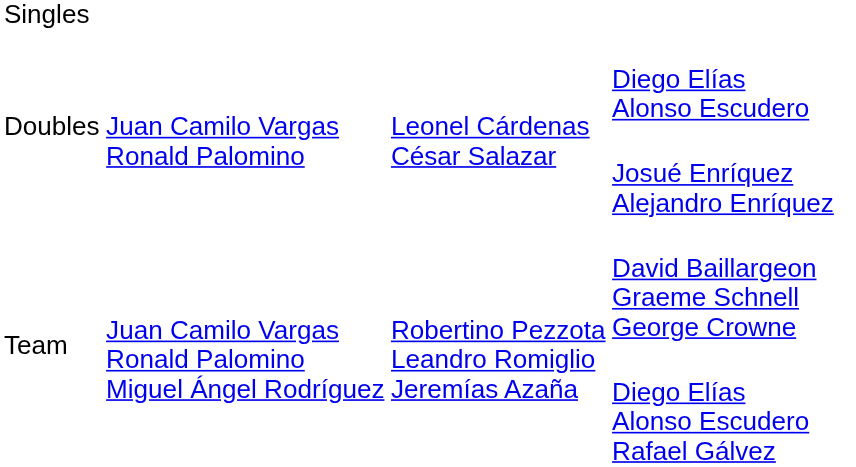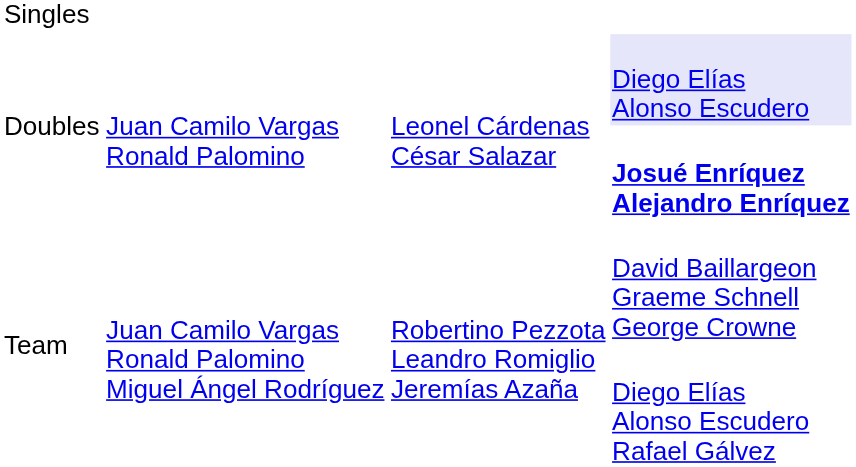 <table>
 <tr>
 <td rowspan=2>Singles<br></td>
 <td rowspan=2></td>
 <td rowspan=2></td>
 <td></td>
 </tr>
 <tr>
 <td></td>
 </tr>
 <tr>
 <td rowspan=2>Doubles<br></td>
 <td rowspan=2><br><a href='#'>Juan Camilo Vargas</a><br><a href='#'>Ronald Palomino</a></td>
 <td rowspan=2><br><a href='#'>Leonel Cárdenas</a><br><a href='#'>César Salazar</a></td>
-<td><br><a href='#'>Diego Elías</a><br><a href='#'>Alonso Escudero</a></td>
+<td style="background: lavender;"><br><a href='#'>Diego Elías</a><br><a href='#'>Alonso Escudero</a></td>
 </tr>
 <tr>
-<td><br><a href='#'>Josué Enríquez</a><br><a href='#'>Alejandro Enríquez</a></td>
+<td><strong><br><a href='#'>Josué Enríquez</a><br><a href='#'>Alejandro Enríquez</a></strong></td>
 </tr>
 <tr>
 <td rowspan=2>Team<br></td>
 <td rowspan=2><br><a href='#'>Juan Camilo Vargas</a><br><a href='#'>Ronald Palomino</a><br><a href='#'>Miguel Ángel Rodríguez</a></td>
 <td rowspan=2><br><a href='#'>Robertino Pezzota</a><br><a href='#'>Leandro Romiglio</a><br><a href='#'>Jeremías Azaña</a></td>
 <td><br><a href='#'>David Baillargeon</a><br><a href='#'>Graeme Schnell</a><br><a href='#'>George Crowne</a></td>
 </tr>
 <tr>
 <td><br><a href='#'>Diego Elías</a><br><a href='#'>Alonso Escudero</a><br><a href='#'>Rafael Gálvez</a></td>
 </tr>
 </table>
